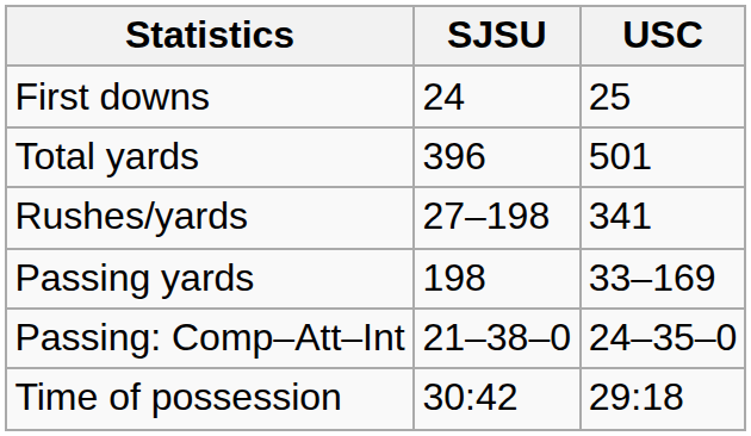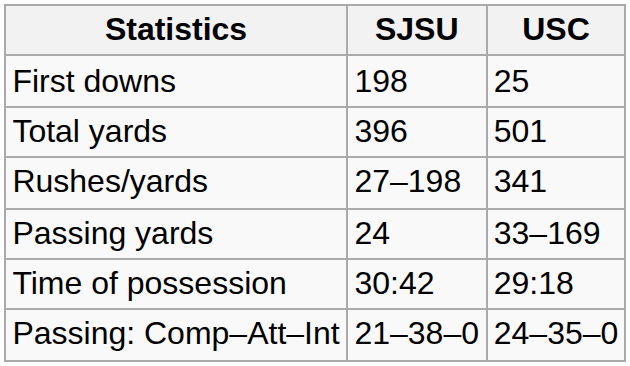 <table class="wikitable" style="float: left;">
 <tr>
 <th>Statistics</th>
 <th>SJSU</th>
 <th>USC</th>
 </tr>
 <tr>
 <td>First downs</td>
-<td>24</td>
+<td>198</td>
 <td>25</td>
 </tr>
 <tr>
 <td>Total yards</td>
 <td>396</td>
 <td>501</td>
 </tr>
 <tr>
 <td>Rushes/yards</td>
 <td>27–198</td>
 <td>341</td>
 </tr>
 <tr>
 <td>Passing yards</td>
-<td>198</td>
+<td>24</td>
 <td>33–169</td>
+</tr>
+<tr>
+<td>Time of possession</td>
+<td>30:42</td>
+<td>29:18</td>
 </tr>
 <tr>
 <td>Passing: Comp–Att–Int</td>
 <td>21–38–0</td>
 <td>24–35–0</td>
 </tr>
 <tr>
-<td>Time of possession</td>
-<td>30:42</td>
-<td>29:18</td>
-</tr>
-<tr>
 </tr>
 </table>
